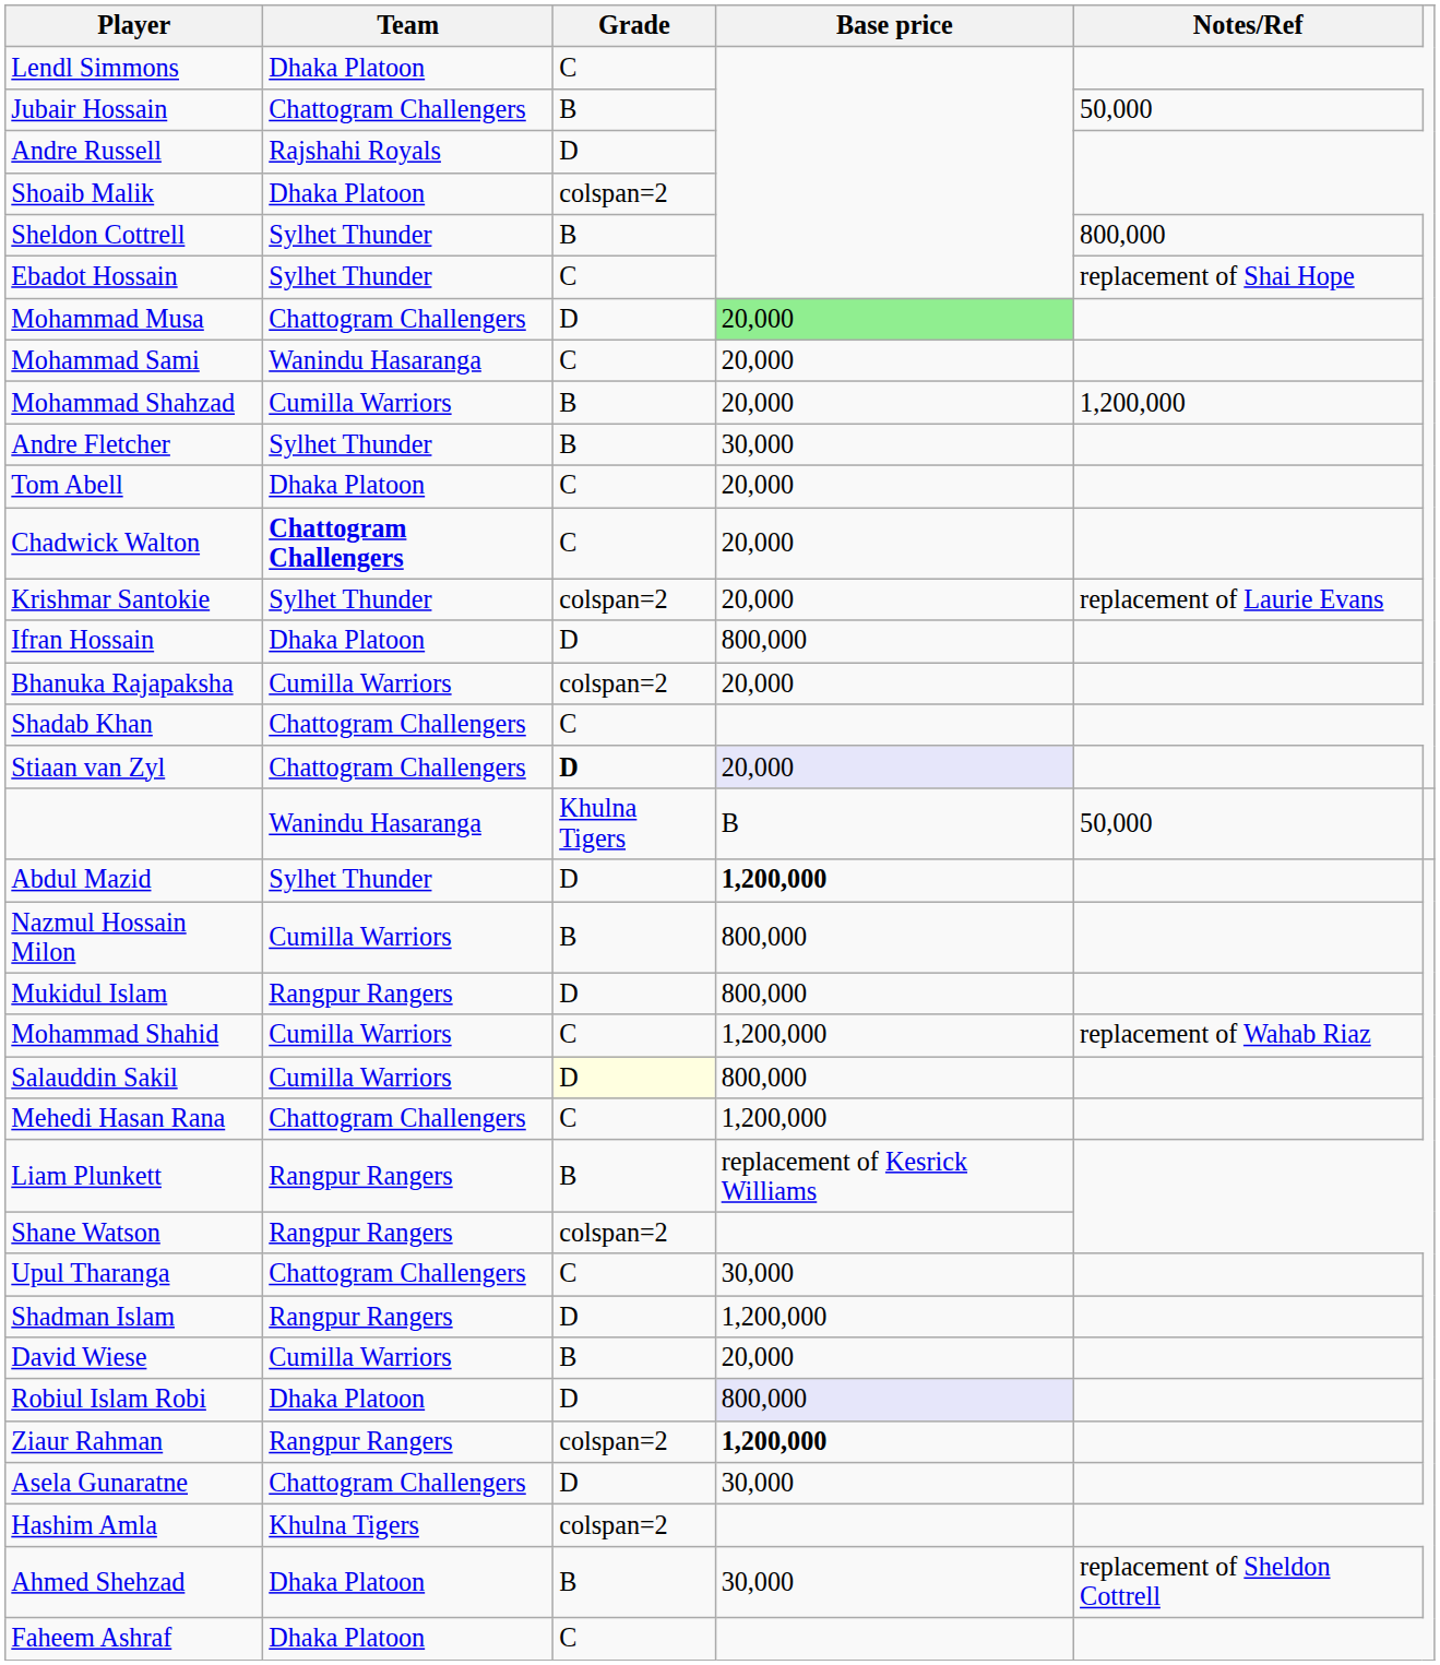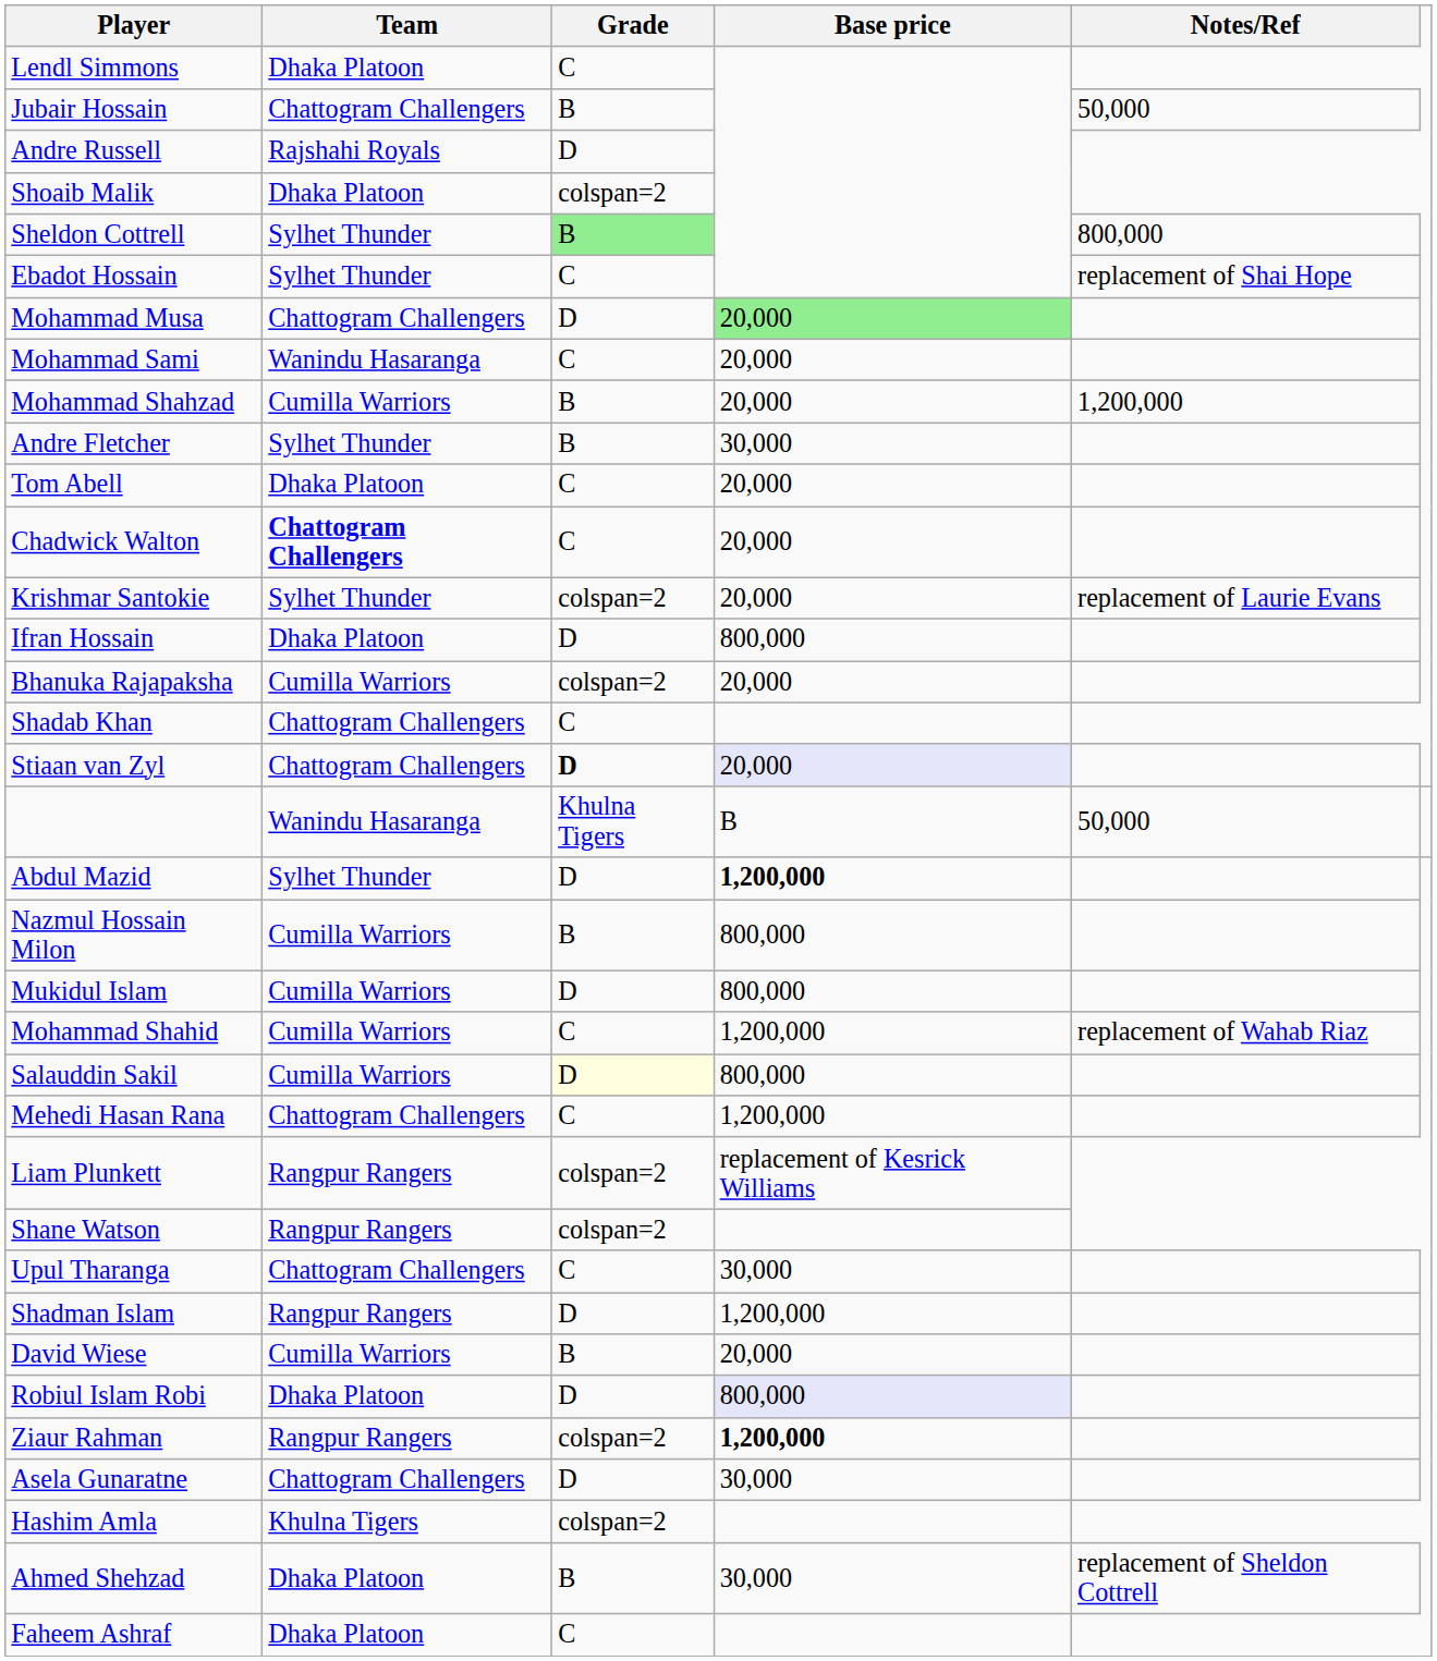 <table class="wikitable sortable">
 <tr>
 <th>Player</th>
 <th>Team</th>
 <th>Grade</th>
 <th>Base price</th>
 <th>Notes/Ref</th>
 </tr>
 <tr>
 <td><a href='#'>Lendl Simmons</a></td>
 <td><a href='#'>Dhaka Platoon</a></td>
 <td>C</td>
 <td rowspan=6></td>
 </tr>
 <tr>
 <td><a href='#'>Jubair Hossain</a></td>
 <td><a href='#'>Chattogram Challengers</a></td>
 <td>B</td>
 <td>50,000</td>
 </tr>
 <tr>
 <td><a href='#'>Andre Russell</a></td>
 <td><a href='#'>Rajshahi Royals</a></td>
 <td>D</td>
 </tr>
 <tr>
 <td><a href='#'>Shoaib Malik</a></td>
 <td><a href='#'>Dhaka Platoon</a></td>
 <td>colspan=2 </td>
 </tr>
 <tr>
 <td><a href='#'>Sheldon Cottrell</a></td>
 <td><a href='#'>Sylhet Thunder</a></td>
-<td>B</td>
+<td style="background: lightgreen;">B</td>
 <td>800,000</td>
 </tr>
 <tr>
 <td><a href='#'>Ebadot Hossain</a></td>
 <td><a href='#'>Sylhet Thunder</a></td>
 <td>C</td>
 <td>replacement of <a href='#'>Shai Hope</a></td>
 </tr>
 <tr>
 <td><a href='#'>Mohammad Musa</a></td>
 <td><a href='#'>Chattogram Challengers</a></td>
 <td>D</td>
 <td style="background: lightgreen;">20,000</td>
 <td></td>
 </tr>
 <tr>
 <td><a href='#'>Mohammad Sami</a></td>
 <td><a href='#'>Wanindu Hasaranga</a></td>
 <td>C</td>
 <td>20,000</td>
 <td></td>
 </tr>
 <tr>
 <td><a href='#'>Mohammad Shahzad</a></td>
 <td><a href='#'>Cumilla Warriors</a></td>
 <td>B</td>
 <td>20,000</td>
 <td>1,200,000</td>
 </tr>
 <tr>
 <td><a href='#'>Andre Fletcher</a></td>
 <td><a href='#'>Sylhet Thunder</a></td>
 <td>B</td>
 <td>30,000</td>
 <td></td>
 </tr>
 <tr>
 <td><a href='#'>Tom Abell</a></td>
 <td><a href='#'>Dhaka Platoon</a></td>
 <td>C</td>
 <td>20,000</td>
 <td></td>
 </tr>
 <tr>
 <td><a href='#'>Chadwick Walton</a></td>
 <td><strong><a href='#'>Chattogram Challengers</a></strong></td>
 <td>C</td>
 <td>20,000</td>
 <td></td>
 </tr>
 <tr>
 <td><a href='#'>Krishmar Santokie</a></td>
 <td><a href='#'>Sylhet Thunder</a></td>
 <td>colspan=2 </td>
 <td>20,000</td>
 <td>replacement of <a href='#'>Laurie Evans</a></td>
 </tr>
 <tr>
 <td><a href='#'>Ifran Hossain</a></td>
 <td><a href='#'>Dhaka Platoon</a></td>
 <td>D</td>
 <td>800,000</td>
 <td></td>
 </tr>
 <tr>
 <td><a href='#'>Bhanuka Rajapaksha</a></td>
 <td><a href='#'>Cumilla Warriors</a></td>
 <td>colspan=2 </td>
 <td>20,000</td>
 <td></td>
 </tr>
 <tr>
 <td><a href='#'>Shadab Khan</a></td>
 <td><a href='#'>Chattogram Challengers</a></td>
 <td>C</td>
 <td></td>
 </tr>
 <tr>
 <td><a href='#'>Stiaan van Zyl</a></td>
 <td><a href='#'>Chattogram Challengers</a></td>
 <td><strong>D</strong></td>
 <td style="background: lavender;">20,000</td>
 <td></td>
 </tr>
 <tr>
 <td></td>
 <td><a href='#'>Wanindu Hasaranga</a></td>
 <td><a href='#'>Khulna Tigers</a></td>
 <td>B</td>
 <td>50,000</td>
 <td></td>
 </tr>
 <tr>
 <td><a href='#'>Abdul Mazid</a></td>
 <td><a href='#'>Sylhet Thunder</a></td>
 <td>D</td>
 <td><strong>1,200,000</strong></td>
 <td></td>
 </tr>
 <tr>
 <td><a href='#'>Nazmul Hossain Milon</a></td>
 <td><a href='#'>Cumilla Warriors</a></td>
 <td>B</td>
 <td>800,000</td>
 <td></td>
 </tr>
 <tr>
 <td><a href='#'>Mukidul Islam</a></td>
-<td><a href='#'>Rangpur Rangers</a></td>
+<td><a href='#'>Cumilla Warriors</a></td>
 <td>D</td>
 <td>800,000</td>
 <td></td>
 </tr>
 <tr>
 <td><a href='#'>Mohammad Shahid</a></td>
 <td><a href='#'>Cumilla Warriors</a></td>
 <td>C</td>
 <td>1,200,000</td>
 <td>replacement of <a href='#'>Wahab Riaz</a></td>
 </tr>
 <tr>
 <td><a href='#'>Salauddin Sakil</a></td>
 <td><a href='#'>Cumilla Warriors</a></td>
 <td style="background: lightyellow;">D</td>
 <td>800,000</td>
 <td></td>
 </tr>
 <tr>
 <td><a href='#'>Mehedi Hasan Rana</a></td>
 <td><a href='#'>Chattogram Challengers</a></td>
 <td>C</td>
 <td>1,200,000</td>
 <td></td>
 </tr>
 <tr>
 <td><a href='#'>Liam Plunkett</a></td>
 <td><a href='#'>Rangpur Rangers</a></td>
-<td>B</td>
+<td>colspan=2 </td>
 <td>replacement of <a href='#'>Kesrick Williams</a></td>
 </tr>
 <tr>
 <td><a href='#'>Shane Watson</a></td>
 <td><a href='#'>Rangpur Rangers</a></td>
 <td>colspan=2 </td>
 <td></td>
 </tr>
 <tr>
 <td><a href='#'>Upul Tharanga</a></td>
 <td><a href='#'>Chattogram Challengers</a></td>
 <td>C</td>
 <td>30,000</td>
 <td></td>
 </tr>
 <tr>
 <td><a href='#'>Shadman Islam</a></td>
 <td><a href='#'>Rangpur Rangers</a></td>
 <td>D</td>
 <td>1,200,000</td>
 <td></td>
 </tr>
 <tr>
 <td><a href='#'>David Wiese</a></td>
 <td><a href='#'>Cumilla Warriors</a></td>
 <td>B</td>
 <td>20,000</td>
 <td></td>
 </tr>
 <tr>
 <td><a href='#'>Robiul Islam Robi</a></td>
 <td><a href='#'>Dhaka Platoon</a></td>
 <td>D</td>
 <td style="background: lavender;">800,000</td>
 <td></td>
 </tr>
 <tr>
 <td><a href='#'>Ziaur Rahman</a></td>
 <td><a href='#'>Rangpur Rangers</a></td>
 <td>colspan=2 </td>
 <td><strong>1,200,000</strong></td>
 <td></td>
 </tr>
 <tr>
 <td><a href='#'>Asela Gunaratne</a></td>
 <td><a href='#'>Chattogram Challengers</a></td>
 <td>D</td>
 <td>30,000</td>
 <td></td>
 </tr>
 <tr>
 <td><a href='#'>Hashim Amla</a></td>
 <td><a href='#'>Khulna Tigers</a></td>
 <td>colspan=2 </td>
 <td></td>
 </tr>
 <tr>
 <td><a href='#'>Ahmed Shehzad</a></td>
 <td><a href='#'>Dhaka Platoon</a></td>
 <td>B</td>
 <td>30,000</td>
 <td>replacement of <a href='#'>Sheldon Cottrell</a></td>
 </tr>
 <tr>
 <td><a href='#'>Faheem Ashraf</a></td>
 <td><a href='#'>Dhaka Platoon</a></td>
 <td>C</td>
 <td></td>
 </tr>
 </table>
